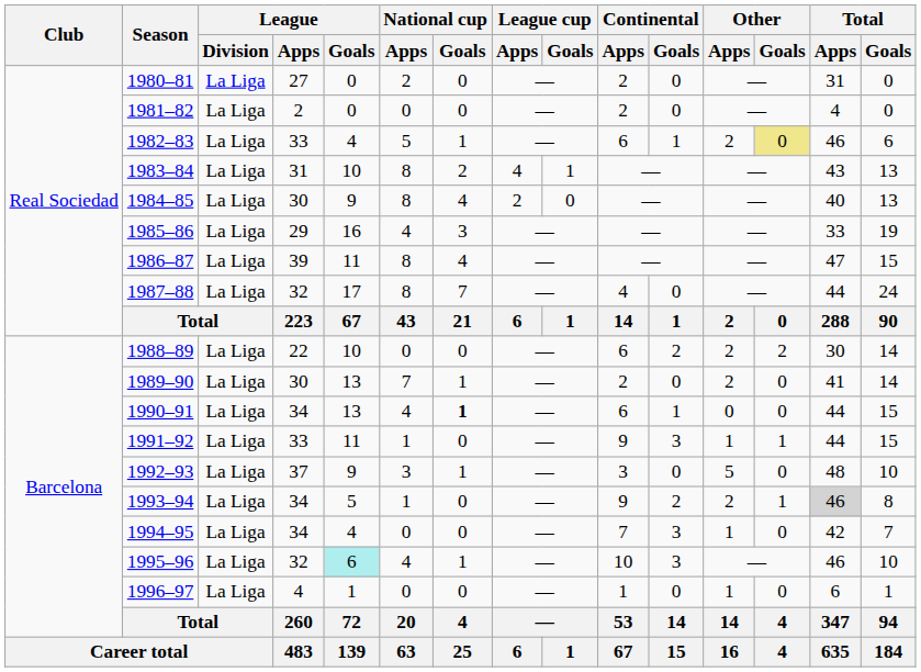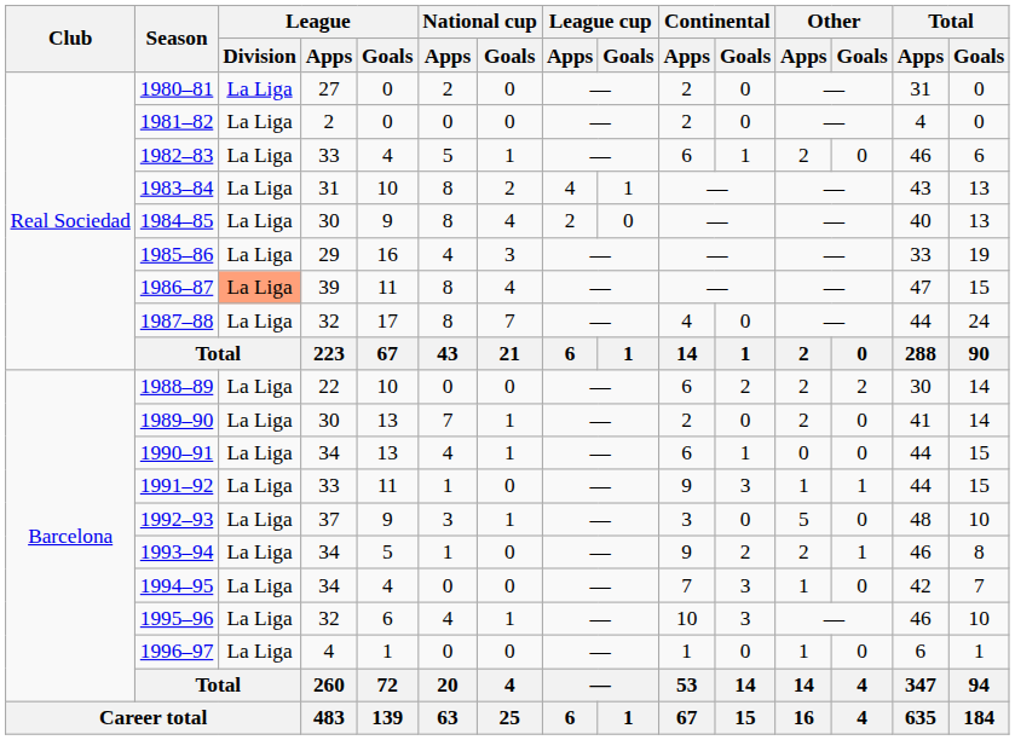 <table class="wikitable" style="text-align:center;">
 <tr>
 <th rowspan="2">Club</th>
 <th rowspan="2">Season</th>
 <th colspan="3">League</th>
 <th colspan="2">National cup</th>
 <th colspan="2">League cup</th>
 <th colspan="2">Continental</th>
 <th colspan="2">Other</th>
 <th colspan="2">Total</th>
 </tr>
 <tr>
 <th>Division</th>
 <th>Apps</th>
 <th>Goals</th>
 <th>Apps</th>
 <th>Goals</th>
 <th>Apps</th>
 <th>Goals</th>
 <th>Apps</th>
 <th>Goals</th>
 <th>Apps</th>
 <th>Goals</th>
 <th>Apps</th>
 <th>Goals</th>
 </tr>
 <tr>
 <td rowspan="9"><a href='#'>Real Sociedad</a></td>
 <td><a href='#'>1980–81</a></td>
 <td><a href='#'>La Liga</a></td>
 <td>27</td>
 <td>0</td>
 <td>2</td>
 <td>0</td>
 <td colspan="2">—</td>
 <td>2</td>
 <td>0</td>
 <td colspan="2">—</td>
 <td>31</td>
 <td>0</td>
 </tr>
 <tr>
 <td><a href='#'>1981–82</a></td>
 <td>La Liga</td>
 <td>2</td>
 <td>0</td>
 <td>0</td>
 <td>0</td>
 <td colspan="2">—</td>
 <td>2</td>
 <td>0</td>
 <td colspan="2">—</td>
 <td>4</td>
 <td>0</td>
 </tr>
 <tr>
 <td><a href='#'>1982–83</a></td>
 <td>La Liga</td>
 <td>33</td>
 <td>4</td>
 <td>5</td>
 <td>1</td>
 <td colspan="2">—</td>
 <td>6</td>
 <td>1</td>
 <td>2</td>
-<td style="background: khaki;">0</td>
+<td>0</td>
 <td>46</td>
 <td>6</td>
 </tr>
 <tr>
 <td><a href='#'>1983–84</a></td>
 <td>La Liga</td>
 <td>31</td>
 <td>10</td>
 <td>8</td>
 <td>2</td>
 <td>4</td>
 <td>1</td>
 <td colspan="2">—</td>
 <td colspan="2">—</td>
 <td>43</td>
 <td>13</td>
 </tr>
 <tr>
 <td><a href='#'>1984–85</a></td>
 <td>La Liga</td>
 <td>30</td>
 <td>9</td>
 <td>8</td>
 <td>4</td>
 <td>2</td>
 <td>0</td>
 <td colspan="2">—</td>
 <td colspan="2">—</td>
 <td>40</td>
 <td>13</td>
 </tr>
 <tr>
 <td><a href='#'>1985–86</a></td>
 <td>La Liga</td>
 <td>29</td>
 <td>16</td>
 <td>4</td>
 <td>3</td>
 <td colspan="2">—</td>
 <td colspan="2">—</td>
 <td colspan="2">—</td>
 <td>33</td>
 <td>19</td>
 </tr>
 <tr>
 <td><a href='#'>1986–87</a></td>
-<td>La Liga</td>
+<td style="background: lightsalmon;">La Liga</td>
 <td>39</td>
 <td>11</td>
 <td>8</td>
 <td>4</td>
 <td colspan="2">—</td>
 <td colspan="2">—</td>
 <td colspan="2">—</td>
 <td>47</td>
 <td>15</td>
 </tr>
 <tr>
 <td><a href='#'>1987–88</a></td>
 <td>La Liga</td>
 <td>32</td>
 <td>17</td>
 <td>8</td>
 <td>7</td>
 <td colspan="2">—</td>
 <td>4</td>
 <td>0</td>
 <td colspan="2">—</td>
 <td>44</td>
 <td>24</td>
 </tr>
 <tr>
 <th colspan="2">Total</th>
 <th>223</th>
 <th>67</th>
 <th>43</th>
 <th>21</th>
 <th>6</th>
 <th>1</th>
 <th>14</th>
 <th>1</th>
 <th>2</th>
 <th>0</th>
 <th>288</th>
 <th>90</th>
 </tr>
 <tr>
 <td rowspan="10"><a href='#'>Barcelona</a></td>
 <td><a href='#'>1988–89</a></td>
 <td>La Liga</td>
 <td>22</td>
 <td>10</td>
 <td>0</td>
 <td>0</td>
 <td colspan="2">—</td>
 <td>6</td>
 <td>2</td>
 <td>2</td>
 <td>2</td>
 <td>30</td>
 <td>14</td>
 </tr>
 <tr>
 <td><a href='#'>1989–90</a></td>
 <td>La Liga</td>
 <td>30</td>
 <td>13</td>
 <td>7</td>
 <td>1</td>
 <td colspan="2">—</td>
 <td>2</td>
 <td>0</td>
 <td>2</td>
 <td>0</td>
 <td>41</td>
 <td>14</td>
 </tr>
 <tr>
 <td><a href='#'>1990–91</a></td>
 <td>La Liga</td>
 <td>34</td>
 <td>13</td>
 <td>4</td>
-<td><strong>1</strong></td>
+<td>1</td>
 <td colspan="2">—</td>
 <td>6</td>
 <td>1</td>
 <td>0</td>
 <td>0</td>
 <td>44</td>
 <td>15</td>
 </tr>
 <tr>
 <td><a href='#'>1991–92</a></td>
 <td>La Liga</td>
 <td>33</td>
 <td>11</td>
 <td>1</td>
 <td>0</td>
 <td colspan="2">—</td>
 <td>9</td>
 <td>3</td>
 <td>1</td>
 <td>1</td>
 <td>44</td>
 <td>15</td>
 </tr>
 <tr>
 <td><a href='#'>1992–93</a></td>
 <td>La Liga</td>
 <td>37</td>
 <td>9</td>
 <td>3</td>
 <td>1</td>
 <td colspan="2">—</td>
 <td>3</td>
 <td>0</td>
 <td>5</td>
 <td>0</td>
 <td>48</td>
 <td>10</td>
 </tr>
 <tr>
 <td><a href='#'>1993–94</a></td>
 <td>La Liga</td>
 <td>34</td>
 <td>5</td>
 <td>1</td>
 <td>0</td>
 <td colspan="2">—</td>
 <td>9</td>
 <td>2</td>
 <td>2</td>
 <td>1</td>
-<td style="background: lightgrey;">46</td>
+<td>46</td>
 <td>8</td>
 </tr>
 <tr>
 <td><a href='#'>1994–95</a></td>
 <td>La Liga</td>
 <td>34</td>
 <td>4</td>
 <td>0</td>
 <td>0</td>
 <td colspan="2">—</td>
 <td>7</td>
 <td>3</td>
 <td>1</td>
 <td>0</td>
 <td>42</td>
 <td>7</td>
 </tr>
 <tr>
 <td><a href='#'>1995–96</a></td>
 <td>La Liga</td>
 <td>32</td>
-<td style="background: paleturquoise;">6</td>
+<td>6</td>
 <td>4</td>
 <td>1</td>
 <td colspan="2">—</td>
 <td>10</td>
 <td>3</td>
 <td colspan="2">—</td>
 <td>46</td>
 <td>10</td>
 </tr>
 <tr>
 <td><a href='#'>1996–97</a></td>
 <td>La Liga</td>
 <td>4</td>
 <td>1</td>
 <td>0</td>
 <td>0</td>
 <td colspan="2">—</td>
 <td>1</td>
 <td>0</td>
 <td>1</td>
 <td>0</td>
 <td>6</td>
 <td>1</td>
 </tr>
 <tr>
 <th colspan="2">Total</th>
 <th>260</th>
 <th>72</th>
 <th>20</th>
 <th>4</th>
 <th colspan="2">—</th>
 <th>53</th>
 <th>14</th>
 <th>14</th>
 <th>4</th>
 <th>347</th>
 <th>94</th>
 </tr>
 <tr>
 <th colspan="3">Career total</th>
 <th>483</th>
 <th>139</th>
 <th>63</th>
 <th>25</th>
 <th>6</th>
 <th>1</th>
 <th>67</th>
 <th>15</th>
 <th>16</th>
 <th>4</th>
 <th>635</th>
 <th>184</th>
 </tr>
 </table>
